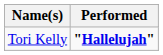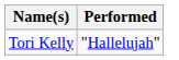 <table class="wikitable sortable">
 <tr>
 <th>Name(s)</th>
 <th>Performed</th>
 </tr>
 <tr>
 <td><a href='#'>Tori Kelly</a></td>
-<td><strong>"<a href='#'>Hallelujah</a>"</strong></td>
+<td>"<a href='#'>Hallelujah</a>"</td>
 </tr>
 </table>
